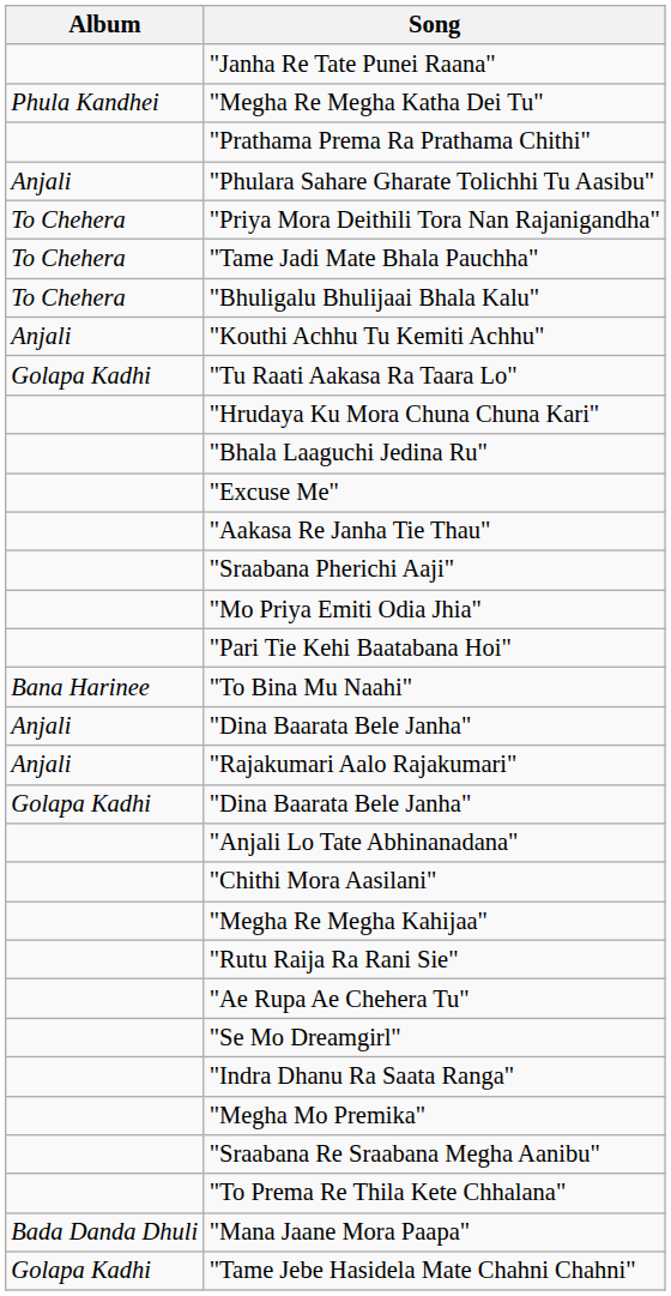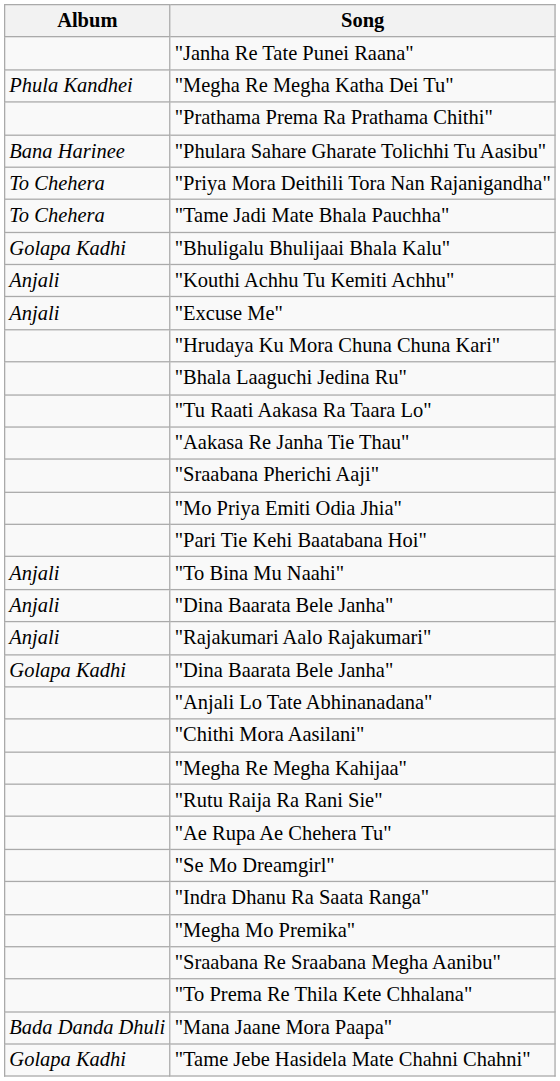 <table class="wikitable sortable">
 <tr>
 <th>Album</th>
 <th>Song</th>
 </tr>
 <tr>
 <td></td>
 <td>"Janha Re Tate Punei Raana"</td>
 </tr>
 <tr>
 <td><em>Phula Kandhei</em></td>
 <td>"Megha Re Megha Katha Dei Tu"</td>
 </tr>
 <tr>
 <td></td>
 <td>"Prathama Prema Ra Prathama Chithi"</td>
 </tr>
 <tr>
-<td><em>Anjali</em></td>
+<td><em>Bana Harinee</em></td>
 <td>"Phulara Sahare Gharate Tolichhi Tu Aasibu"</td>
 </tr>
 <tr>
 <td><em>To Chehera</em></td>
 <td>"Priya Mora Deithili Tora Nan Rajanigandha"</td>
 </tr>
 <tr>
 <td><em>To Chehera</em></td>
 <td>"Tame Jadi Mate Bhala Pauchha"</td>
 </tr>
 <tr>
-<td><em>To Chehera</em></td>
+<td><em>Golapa Kadhi</em></td>
 <td>"Bhuligalu Bhulijaai Bhala Kalu"</td>
 </tr>
 <tr>
 <td><em>Anjali</em></td>
 <td>"Kouthi Achhu Tu Kemiti Achhu"</td>
 </tr>
 <tr>
-<td><em>Golapa Kadhi</em></td>
-<td>"Tu Raati Aakasa Ra Taara Lo"</td>
+<td><em>Anjali</em></td>
+<td>"Excuse Me"</td>
 </tr>
 <tr>
 <td></td>
 <td>"Hrudaya Ku Mora Chuna Chuna Kari"</td>
 </tr>
 <tr>
 <td></td>
 <td>"Bhala Laaguchi Jedina Ru"</td>
 </tr>
 <tr>
 <td></td>
-<td>"Excuse Me"</td>
+<td>"Tu Raati Aakasa Ra Taara Lo"</td>
 </tr>
 <tr>
 <td></td>
 <td>"Aakasa Re Janha Tie Thau"</td>
 </tr>
 <tr>
 <td></td>
 <td>"Sraabana Pherichi Aaji"</td>
 </tr>
 <tr>
 <td></td>
 <td>"Mo Priya Emiti Odia Jhia"</td>
 </tr>
 <tr>
 <td></td>
 <td>"Pari Tie Kehi Baatabana Hoi"</td>
 </tr>
 <tr>
-<td><em>Bana Harinee</em></td>
+<td><em>Anjali</em></td>
 <td>"To Bina Mu Naahi"</td>
 </tr>
 <tr>
 <td><em>Anjali</em></td>
 <td>"Dina Baarata Bele Janha"</td>
 </tr>
 <tr>
 <td><em>Anjali</em></td>
 <td>"Rajakumari Aalo Rajakumari"</td>
 </tr>
 <tr>
 <td><em>Golapa Kadhi</em></td>
 <td>"Dina Baarata Bele Janha"</td>
 </tr>
 <tr>
 <td></td>
 <td>"Anjali Lo Tate Abhinanadana"</td>
 </tr>
 <tr>
 <td></td>
 <td>"Chithi Mora Aasilani"</td>
 </tr>
 <tr>
 <td></td>
 <td>"Megha Re Megha Kahijaa"</td>
 </tr>
 <tr>
 <td></td>
 <td>"Rutu Raija Ra Rani Sie"</td>
 </tr>
 <tr>
 <td></td>
 <td>"Ae Rupa Ae Chehera Tu"</td>
 </tr>
 <tr>
 <td></td>
 <td>"Se Mo Dreamgirl"</td>
 </tr>
 <tr>
 <td></td>
 <td>"Indra Dhanu Ra Saata Ranga"</td>
 </tr>
 <tr>
 <td></td>
 <td>"Megha Mo Premika"</td>
 </tr>
 <tr>
 <td></td>
 <td>"Sraabana Re Sraabana Megha Aanibu"</td>
 </tr>
 <tr>
 <td></td>
 <td>"To Prema Re Thila Kete Chhalana"</td>
 </tr>
 <tr>
 <td><em>Bada Danda Dhuli</em></td>
 <td>"Mana Jaane Mora Paapa"</td>
 </tr>
 <tr>
 <td><em>Golapa Kadhi</em></td>
 <td>"Tame Jebe Hasidela Mate Chahni Chahni"</td>
 </tr>
 </table>
